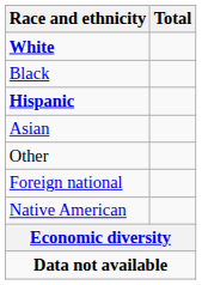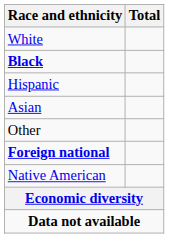 <table class="wikitable floatright sortable collapsible"; "style: text-align:left; font-size:80%;">
 <tr>
 <th>Race and ethnicity</th>
 <th colspan="2" data-sort-type=number>Total</th>
 </tr>
 <tr>
-<td><strong><a href='#'>White</a></strong></td>
+<td><a href='#'>White</a></td>
 <td align=right></td>
 </tr>
 <tr>
-<td><a href='#'>Black</a></td>
+<td><strong><a href='#'>Black</a></strong></td>
 <td align=right></td>
 </tr>
 <tr>
-<td><strong><a href='#'>Hispanic</a></strong></td>
+<td><a href='#'>Hispanic</a></td>
 <td align=right></td>
 </tr>
 <tr>
 <td><a href='#'>Asian</a></td>
 <td align=right></td>
 </tr>
 <tr>
 <td>Other</td>
 <td align=right></td>
 </tr>
 <tr>
-<td><a href='#'>Foreign national</a></td>
+<td><strong><a href='#'>Foreign national</a></strong></td>
 <td align=right></td>
 </tr>
 <tr>
 <td><a href='#'>Native American</a></td>
 <td align=right></td>
 </tr>
 <tr>
 <th colspan="4" data-sort-type=number><a href='#'>Economic diversity</a></th>
 </tr>
 <tr>
 <td colspan="4" align="center"><strong>Data not available</strong></td>
 </tr>
 </table>
